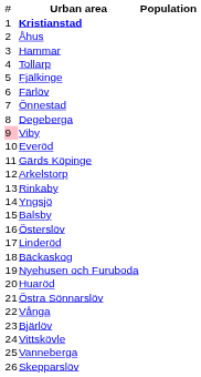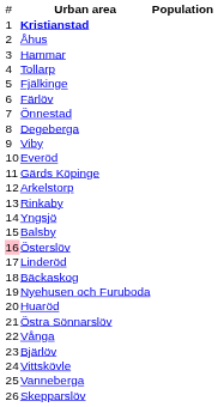 <table border="0" cellspacing="0">
 <tr ---- valign="top">
 <td>#</td>
 <th>Urban area</th>
 <th>Population</th>
 </tr>
 <tr>
 <td>1</td>
 <td><strong><a href='#'>Kristianstad</a></strong></td>
 <td></td>
 </tr>
 <tr>
 <td>2</td>
 <td><a href='#'>Åhus</a></td>
 <td></td>
 </tr>
 <tr>
 <td>3</td>
 <td><a href='#'>Hammar</a></td>
 <td></td>
 </tr>
 <tr>
 <td>4</td>
 <td><a href='#'>Tollarp</a></td>
 <td></td>
 </tr>
 <tr>
 <td>5</td>
 <td><a href='#'>Fjälkinge</a></td>
 <td></td>
 </tr>
 <tr>
 <td>6</td>
 <td><a href='#'>Färlöv</a></td>
 <td></td>
 </tr>
 <tr>
 <td>7</td>
 <td><a href='#'>Önnestad</a></td>
 <td></td>
 </tr>
 <tr>
 <td>8</td>
 <td><a href='#'>Degeberga</a></td>
 <td></td>
 </tr>
 <tr>
-<td style="background: pink;">9</td>
+<td>9</td>
 <td><a href='#'>Viby</a></td>
 <td></td>
 </tr>
 <tr>
 <td>10</td>
 <td><a href='#'>Everöd</a></td>
 <td></td>
 </tr>
 <tr>
 <td>11</td>
 <td><a href='#'>Gärds Köpinge</a></td>
 <td></td>
 </tr>
 <tr>
 <td>12</td>
 <td><a href='#'>Arkelstorp</a></td>
 <td></td>
 </tr>
 <tr>
 <td>13</td>
 <td><a href='#'>Rinkaby</a></td>
 <td></td>
 </tr>
 <tr>
 <td>14</td>
 <td><a href='#'>Yngsjö</a></td>
 <td></td>
 </tr>
 <tr>
 <td>15</td>
 <td><a href='#'>Balsby</a></td>
 <td></td>
 </tr>
 <tr>
-<td>16</td>
+<td style="background: pink;">16</td>
 <td><a href='#'>Österslöv</a></td>
 <td></td>
 </tr>
 <tr>
 <td>17</td>
 <td><a href='#'>Linderöd</a></td>
 <td></td>
 </tr>
 <tr>
 <td>18</td>
 <td><a href='#'>Bäckaskog</a></td>
 <td></td>
 </tr>
 <tr>
 <td>19</td>
 <td><a href='#'>Nyehusen och Furuboda</a></td>
 <td></td>
 </tr>
 <tr>
 <td>20</td>
 <td><a href='#'>Huaröd</a></td>
 <td></td>
 </tr>
 <tr>
 <td>21</td>
 <td><a href='#'>Östra Sönnarslöv</a></td>
 <td></td>
 </tr>
 <tr>
 <td>22</td>
 <td><a href='#'>Vånga</a></td>
 <td></td>
 </tr>
 <tr>
 <td>23</td>
 <td><a href='#'>Bjärlöv</a></td>
 <td></td>
 </tr>
 <tr>
 <td>24</td>
 <td><a href='#'>Vittskövle</a></td>
 <td></td>
 </tr>
 <tr>
 <td>25</td>
 <td><a href='#'>Vanneberga</a></td>
 <td></td>
 </tr>
 <tr>
 <td>26</td>
 <td><a href='#'>Skepparslöv</a></td>
 <td></td>
 </tr>
 </table>
